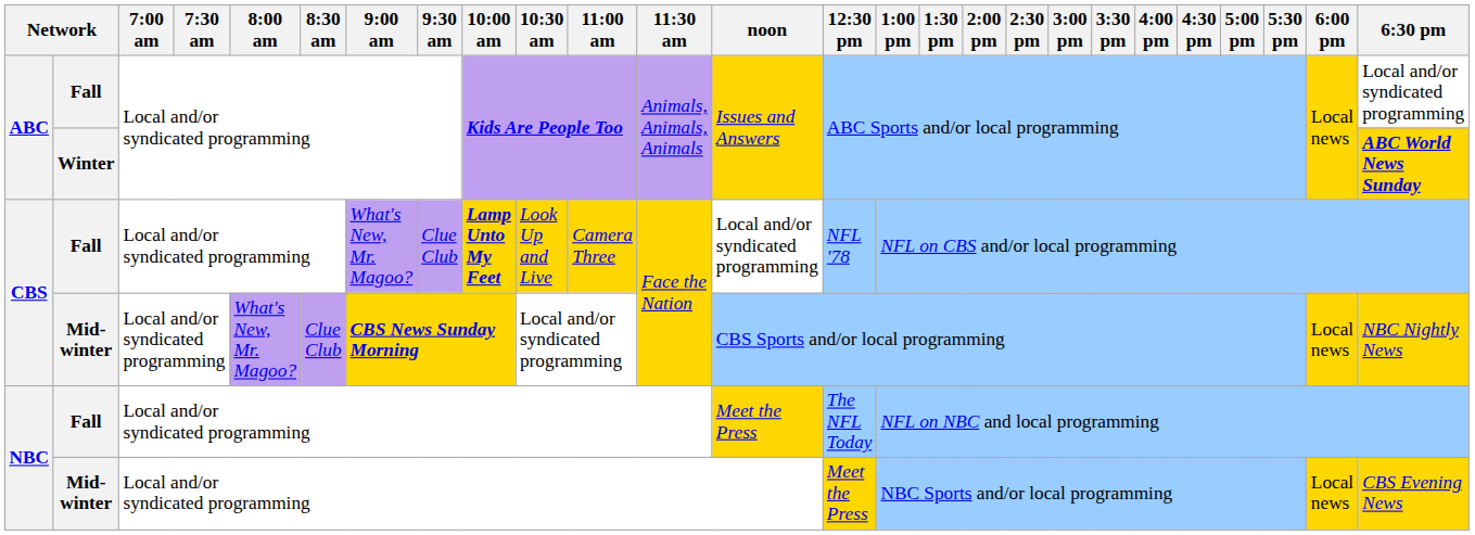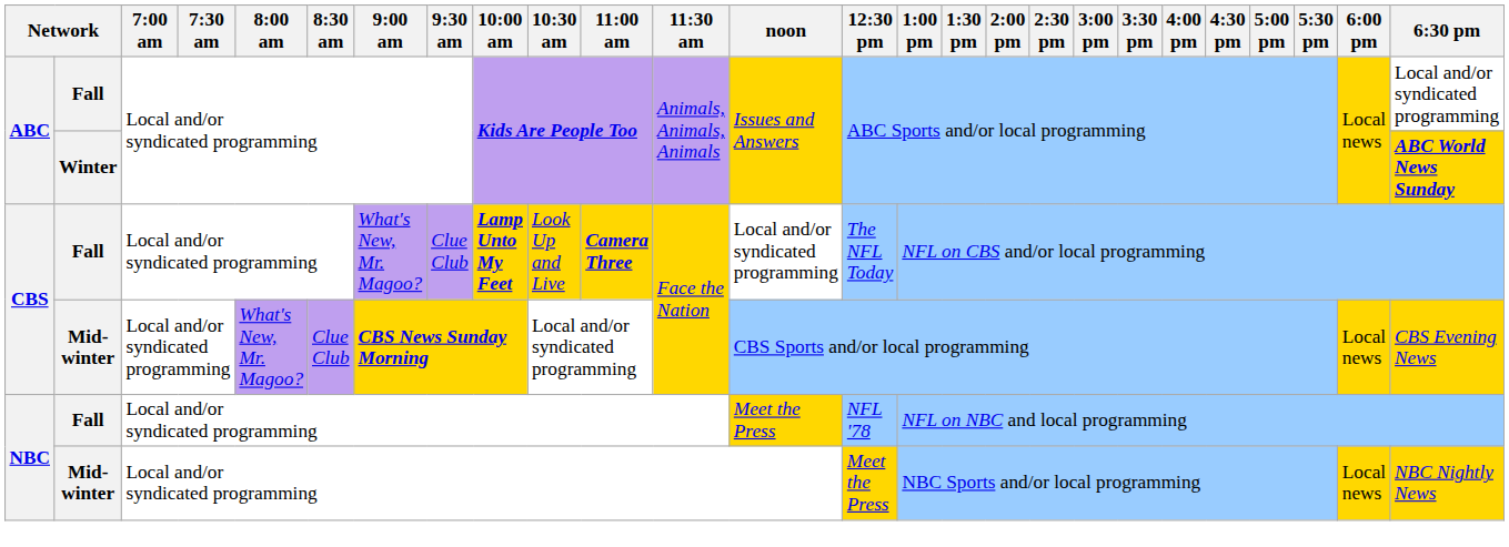 <table class=wikitable>
 <tr>
 <th width="1.5%" bgcolor="#C0C0C0" colspan="2">Network</th>
 <th width="4%" bgcolor="#C0C0C0">7:00 am</th>
 <th width="4%" bgcolor="#C0C0C0">7:30 am</th>
 <th width="4%" bgcolor="#C0C0C0">8:00 am</th>
 <th width="4%" bgcolor="#C0C0C0">8:30 am</th>
 <th width="4%" bgcolor="#C0C0C0">9:00 am</th>
 <th width="4%" bgcolor="#C0C0C0">9:30 am</th>
 <th width="4%" bgcolor="#C0C0C0">10:00 am</th>
 <th width="4%" bgcolor="#C0C0C0">10:30 am</th>
 <th width="4%" bgcolor="#C0C0C0">11:00 am</th>
 <th width="4%" bgcolor="#C0C0C0">11:30 am</th>
 <th width="4%" bgcolor="#C0C0C0">noon</th>
 <th width="4%" bgcolor="#C0C0C0">12:30 pm</th>
 <th width="4%" bgcolor="#C0C0C0">1:00 pm</th>
 <th width="4%" bgcolor="#C0C0C0">1:30 pm</th>
 <th width="4%" bgcolor="#C0C0C0">2:00 pm</th>
 <th width="4%" bgcolor="#C0C0C0">2:30 pm</th>
 <th width="4%" bgcolor="#C0C0C0">3:00 pm</th>
 <th width="4%" bgcolor="#C0C0C0">3:30 pm</th>
 <th width="4%" bgcolor="#C0C0C0">4:00 pm</th>
 <th width="4%" bgcolor="#C0C0C0">4:30 pm</th>
 <th width="4%" bgcolor="#C0C0C0">5:00 pm</th>
 <th width="4%" bgcolor="#C0C0C0">5:30 pm</th>
 <th width="4%" bgcolor="#C0C0C0">6:00 pm</th>
 <th width="4%" bgcolor="#C0C0C0">6:30 pm</th>
 </tr>
 <tr>
 <th bgcolor="#C0C0C0" rowspan="2"><a href='#'>ABC</a></th>
 <th>Fall</th>
 <td bgcolor="white" rowspan="2"colspan="6">Local and/or<br>syndicated programming</td>
 <td bgcolor="bf9fef" rowspan="2"colspan="3"><strong><em><a href='#'>Kids Are People Too</a></em></strong></td>
 <td bgcolor="bf9fef"rowspan="2"><em><a href='#'>Animals, Animals, Animals</a></em></td>
 <td bgcolor="gold"rowspan="2"><em><a href='#'>Issues and Answers</a></em></td>
 <td bgcolor="99ccff" rowspan="2"colspan="11"><a href='#'>ABC Sports</a> and/or local programming</td>
 <td bgcolor="gold"rowspan="2">Local news</td>
 <td bgcolor="white"rowspan="1">Local and/or<br>syndicated programming</td>
 </tr>
 <tr>
 <th>Winter</th>
 <td bgcolor="gold"rowspan="1"><strong><em><a href='#'>ABC World News Sunday</a></em></strong></td>
 </tr>
 <tr>
 <th bgcolor="#C0C0C0" rowspan="2"><a href='#'>CBS</a></th>
 <th>Fall</th>
 <td bgcolor="white" rowspan="1"colspan="4">Local and/or<br>syndicated programming</td>
 <td bgcolor="bf9fef" rowspan="1"><em><a href='#'>What's New, Mr. Magoo?</a></em> </td>
 <td bgcolor="bf9fef" rowspan="1"><em><a href='#'>Clue Club</a></em> </td>
 <td rowspan="1" bgcolor="gold"><strong><em><a href='#'>Lamp Unto My Feet</a></em></strong></td>
 <td bgcolor="gold" rowspan="1"><em><a href='#'>Look Up and Live</a></em></td>
-<td bgcolor="gold" rowspan="1"><em><a href='#'>Camera Three</a></em></td>
+<td bgcolor="gold" rowspan="1"><strong><em><a href='#'>Camera Three</a></em></strong></td>
 <td bgcolor="gold" rowspan="2"><em><a href='#'>Face the Nation</a></em></td>
 <td bgcolor="white" rowspan="1">Local and/or<br>syndicated programming</td>
-<td bgcolor="99ccff" rowspan="1"><em><a href='#'>NFL '78</a></em></td>
+<td bgcolor="99ccff" rowspan="1"><em><a href='#'>The NFL Today</a></em></td>
 <td bgcolor="99ccff" colspan="12" rowspan="1"><em><a href='#'>NFL on CBS</a></em> and/or local programming</td>
 </tr>
 <tr>
 <th>Mid-winter</th>
 <td bgcolor="white" rowspan="1"colspan="2">Local and/or<br>syndicated programming</td>
 <td bgcolor="bf9fef" rowspan="1"><em><a href='#'>What's New, Mr. Magoo?</a></em> </td>
 <td bgcolor="bf9fef" rowspan="1"><em><a href='#'>Clue Club</a></em> </td>
 <td bgcolor="gold" rowspan="1"colspan="3"><strong><em><a href='#'>CBS News Sunday Morning</a></em></strong></td>
 <td bgcolor="white" rowspan="1"colspan="2">Local and/or<br>syndicated programming</td>
 <td bgcolor="99ccff" rowspan="1"colspan="12"><a href='#'>CBS Sports</a> and/or local programming</td>
 <td bgcolor="gold"rowspan="1">Local news</td>
-<td bgcolor="gold" rowspan="1"><em><a href='#'>NBC Nightly News</a></em></td>
+<td bgcolor="gold"rowspan="1"><em><a href='#'>CBS Evening News</a></em></td>
 </tr>
 <tr>
 <th bgcolor="#C0C0C0" rowspan="2"><a href='#'>NBC</a></th>
 <th>Fall</th>
 <td bgcolor="white" colspan="10" rowspan="1">Local and/or<br>syndicated programming</td>
 <td bgcolor="gold" rowspan="1"><em><a href='#'>Meet the Press</a></em></td>
-<td bgcolor="99ccff" rowspan="1"><em><a href='#'>The NFL Today</a></em></td>
+<td bgcolor="99ccff" rowspan="1"><em><a href='#'>NFL '78</a></em></td>
 <td bgcolor="99ccff" colspan="12" rowspan="1"><em><a href='#'>NFL on NBC</a></em> and local programming</td>
 </tr>
 <tr>
 <th>Mid-winter</th>
 <td bgcolor="white" colspan="11" rowspan="1">Local and/or<br>syndicated programming</td>
 <td bgcolor="gold" rowspan="1"><em><a href='#'>Meet the Press</a></em></td>
 <td bgcolor="99ccff" colspan="10" rowspan="1"><a href='#'>NBC Sports</a> and/or local programming</td>
 <td bgcolor="gold" rowspan="1">Local news</td>
-<td bgcolor="gold"rowspan="1"><em><a href='#'>CBS Evening News</a></em></td>
+<td bgcolor="gold" rowspan="1"><em><a href='#'>NBC Nightly News</a></em></td>
 </tr>
 </table>
